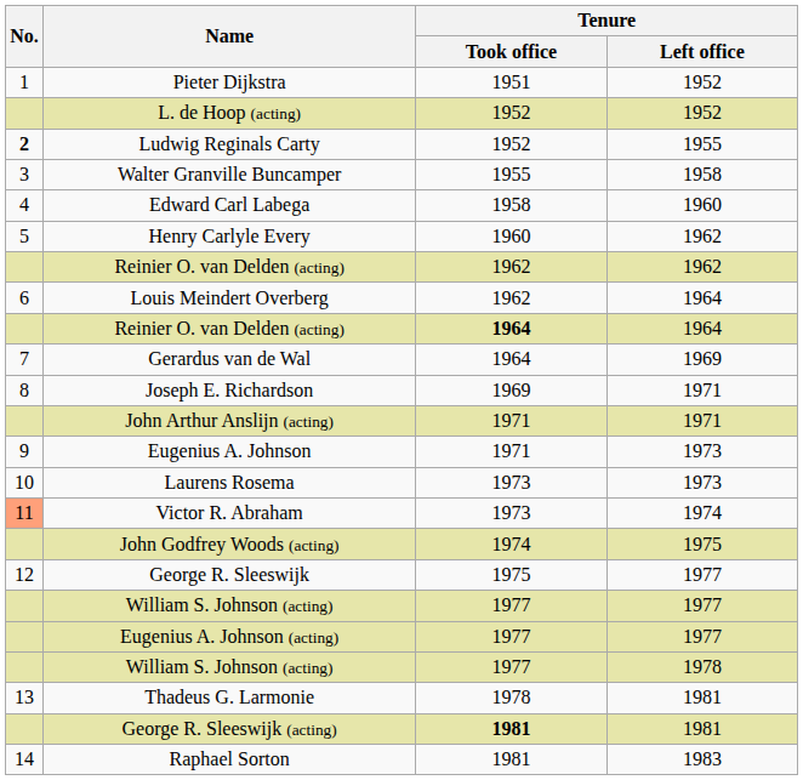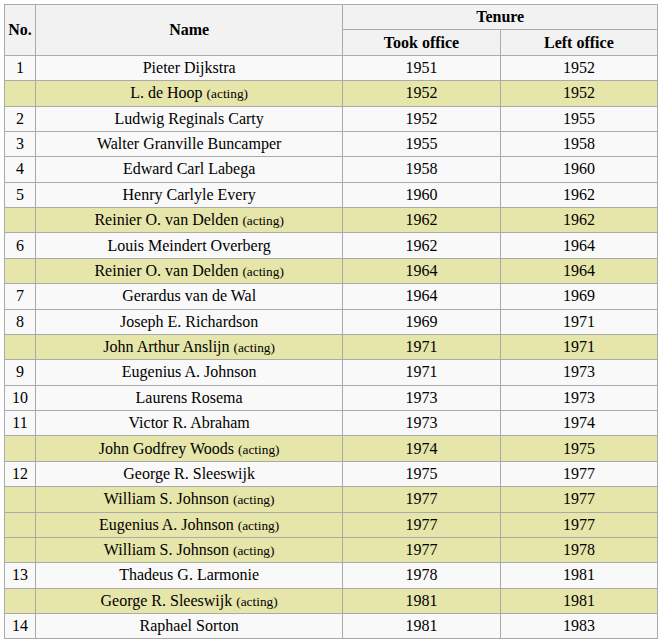 <table class="wikitable" style="clear:right; text-align:center">
 <tr>
 <th scope="col" style="width:20px;" rowspan="2">No.</th>
 <th scope="col" style="width:300px;" rowspan="2">Name</th>
 <th scope="col" style="width:300px;" colspan="2">Tenure</th>
 </tr>
 <tr>
 <th scope="col" style="width:150px;">Took office</th>
 <th scope="col" style="width:150px;">Left office</th>
 </tr>
 <tr>
 <td>1</td>
 <td>Pieter Dijkstra</td>
 <td>1951</td>
 <td>1952</td>
 </tr>
 <tr>
 <th style="background: #E6E6AA;"></th>
 <td bgcolor=#E6E6AA>L. de Hoop <small>(acting)</small></td>
 <td bgcolor=#E6E6AA>1952</td>
 <td bgcolor=#E6E6AA>1952</td>
 </tr>
 <tr>
-<td><strong>2</strong></td>
+<td>2</td>
 <td>Ludwig Reginals Carty</td>
 <td>1952</td>
 <td>1955</td>
 </tr>
 <tr>
 <td>3</td>
 <td>Walter Granville Buncamper</td>
 <td>1955</td>
 <td>1958</td>
 </tr>
 <tr>
 <td>4</td>
 <td>Edward Carl Labega</td>
 <td>1958</td>
 <td>1960</td>
 </tr>
 <tr>
 <td>5</td>
 <td>Henry Carlyle Every</td>
 <td>1960</td>
 <td>1962</td>
 </tr>
 <tr>
 <th style="background: #E6E6AA;"></th>
 <td bgcolor=#E6E6AA>Reinier O. van Delden <small>(acting)</small></td>
 <td bgcolor=#E6E6AA>1962</td>
 <td bgcolor=#E6E6AA>1962</td>
 </tr>
 <tr>
 <td>6</td>
 <td>Louis Meindert Overberg</td>
 <td>1962</td>
 <td>1964</td>
 </tr>
 <tr>
 <th style="background: #E6E6AA;"></th>
 <td bgcolor=#E6E6AA>Reinier O. van Delden <small>(acting)</small></td>
-<td bgcolor=#E6E6AA><strong>1964</strong></td>
+<td bgcolor=#E6E6AA>1964</td>
 <td bgcolor=#E6E6AA>1964</td>
 </tr>
 <tr>
 <td>7</td>
 <td>Gerardus van de Wal</td>
 <td>1964</td>
 <td>1969</td>
 </tr>
 <tr>
 <td>8</td>
 <td>Joseph E. Richardson</td>
 <td>1969</td>
 <td>1971</td>
 </tr>
 <tr>
 <th style="background: #E6E6AA;"></th>
 <td bgcolor=#E6E6AA>John Arthur Anslijn <small>(acting)</small></td>
 <td bgcolor=#E6E6AA>1971</td>
 <td bgcolor=#E6E6AA>1971</td>
 </tr>
 <tr>
 <td>9</td>
 <td>Eugenius A. Johnson</td>
 <td>1971</td>
 <td>1973</td>
 </tr>
 <tr>
 <td>10</td>
 <td>Laurens Rosema</td>
 <td>1973</td>
 <td>1973</td>
 </tr>
 <tr>
-<td style="background: lightsalmon;">11</td>
+<td>11</td>
 <td>Victor R. Abraham</td>
 <td>1973</td>
 <td>1974</td>
 </tr>
 <tr>
 <th style="background: #E6E6AA;"></th>
 <td bgcolor=#E6E6AA>John Godfrey Woods <small>(acting)</small></td>
 <td bgcolor=#E6E6AA>1974</td>
 <td bgcolor=#E6E6AA>1975</td>
 </tr>
 <tr>
 <td>12</td>
 <td>George R. Sleeswijk</td>
 <td>1975</td>
 <td>1977</td>
 </tr>
 <tr>
 <th style="background: #E6E6AA;"></th>
 <td bgcolor=#E6E6AA>William S. Johnson <small>(acting)</small></td>
 <td bgcolor=#E6E6AA>1977</td>
 <td bgcolor=#E6E6AA>1977</td>
 </tr>
 <tr>
 <th style="background: #E6E6AA;"></th>
 <td bgcolor=#E6E6AA>Eugenius A. Johnson <small>(acting)</small></td>
 <td bgcolor=#E6E6AA>1977</td>
 <td bgcolor=#E6E6AA>1977</td>
 </tr>
 <tr>
 <th style="background: #E6E6AA;"></th>
 <td bgcolor=#E6E6AA>William S. Johnson <small>(acting)</small></td>
 <td bgcolor=#E6E6AA>1977</td>
 <td bgcolor=#E6E6AA>1978</td>
 </tr>
 <tr>
 <td>13</td>
 <td>Thadeus G. Larmonie</td>
 <td>1978</td>
 <td>1981</td>
 </tr>
 <tr>
 <th style="background: #E6E6AA;"></th>
 <td bgcolor=#E6E6AA>George R. Sleeswijk <small>(acting)</small></td>
-<td bgcolor=#E6E6AA><strong>1981</strong></td>
+<td bgcolor=#E6E6AA>1981</td>
 <td bgcolor=#E6E6AA>1981</td>
 </tr>
 <tr>
 <td>14</td>
 <td>Raphael Sorton</td>
 <td>1981</td>
 <td>1983</td>
 </tr>
 </table>
